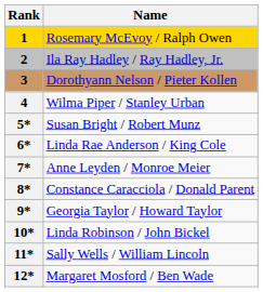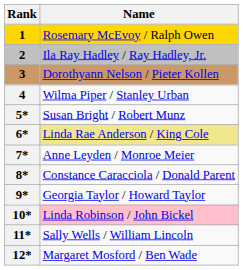 <table class="wikitable">
 <tr>
 <th>Rank</th>
 <th>Name</th>
 </tr>
 <tr bgcolor="gold">
 <td align="center"><strong>1</strong></td>
 <td><a href='#'>Rosemary McEvoy</a> / Ralph Owen</td>
 </tr>
 <tr bgcolor="silver">
 <td align="center"><strong>2</strong></td>
 <td><a href='#'>Ila Ray Hadley</a> / <a href='#'>Ray Hadley, Jr.</a></td>
 </tr>
 <tr bgcolor="cc9966">
 <td align="center"><strong>3</strong></td>
 <td><a href='#'>Dorothyann Nelson</a> / <a href='#'>Pieter Kollen</a></td>
 </tr>
 <tr>
 <th>4</th>
 <td><a href='#'>Wilma Piper</a> / <a href='#'>Stanley Urban</a></td>
 </tr>
 <tr>
 <th>5*</th>
 <td><a href='#'>Susan Bright</a> / <a href='#'>Robert Munz</a></td>
 </tr>
 <tr>
 <th>6*</th>
-<td><a href='#'>Linda Rae Anderson</a> / <a href='#'>King Cole</a></td>
+<td style="background: khaki;"><a href='#'>Linda Rae Anderson</a> / <a href='#'>King Cole</a></td>
 </tr>
 <tr>
 <th>7*</th>
 <td><a href='#'>Anne Leyden</a> / <a href='#'>Monroe Meier</a></td>
 </tr>
 <tr>
 <th>8*</th>
 <td><a href='#'>Constance Caracciola</a> / <a href='#'>Donald Parent</a></td>
 </tr>
 <tr>
 <th>9*</th>
 <td><a href='#'>Georgia Taylor</a> / <a href='#'>Howard Taylor</a></td>
 </tr>
 <tr>
 <th>10*</th>
-<td><a href='#'>Linda Robinson</a> / <a href='#'>John Bickel</a></td>
+<td style="background: pink;"><a href='#'>Linda Robinson</a> / <a href='#'>John Bickel</a></td>
 </tr>
 <tr>
 <th>11*</th>
 <td><a href='#'>Sally Wells</a> / <a href='#'>William Lincoln</a></td>
 </tr>
 <tr>
 <th>12*</th>
 <td><a href='#'>Margaret Mosford</a> / <a href='#'>Ben Wade</a></td>
 </tr>
 </table>
